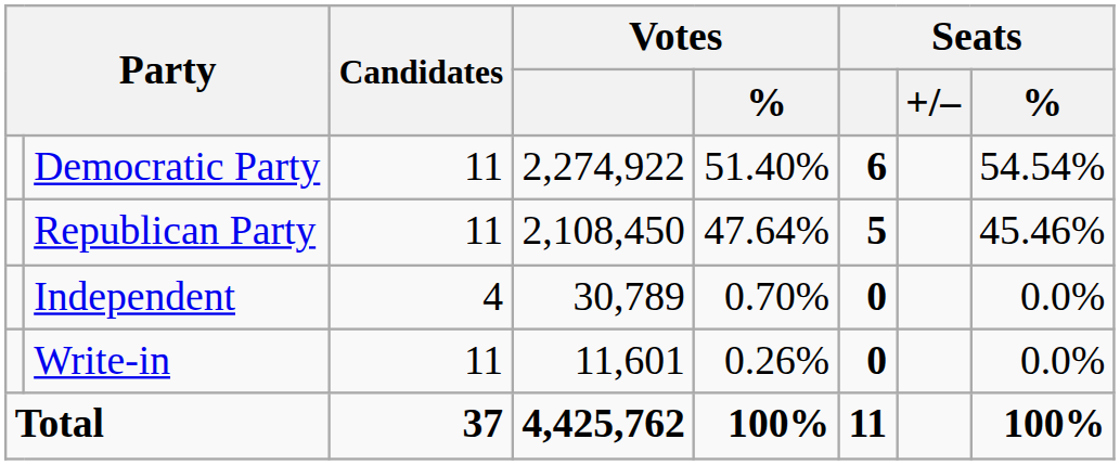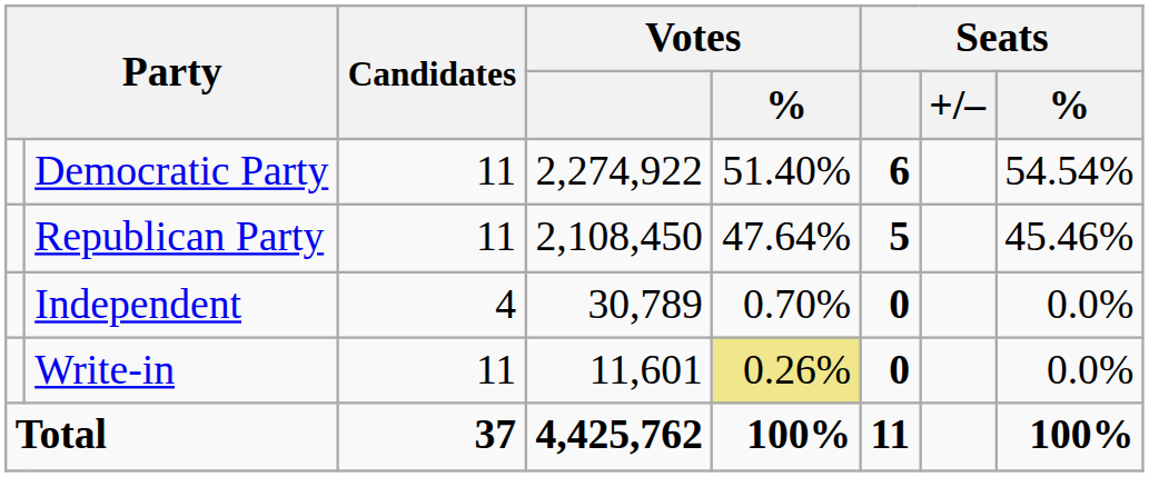 <table class="wikitable" style="font-size:100%; text-align:right;">
 <tr>
 <th colspan="2" rowspan="2">Party</th>
 <th rowspan="2"><small>Candi</small><small>dates</small></th>
 <th colspan="2">Votes</th>
 <th colspan="3">Seats</th>
 </tr>
 <tr>
 <th></th>
 <th>%</th>
 <th></th>
 <th>+/–</th>
 <th>%</th>
 </tr>
 <tr>
 <td style="background:"></td>
 <td align="left"><a href='#'>Democratic Party</a></td>
 <td>11</td>
 <td>2,274,922</td>
 <td>51.40%</td>
 <td><strong>6</strong></td>
 <td></td>
 <td>54.54%</td>
 </tr>
 <tr>
 <td style="background:"></td>
 <td align="left"><a href='#'>Republican Party</a></td>
 <td>11</td>
 <td>2,108,450</td>
 <td>47.64%</td>
 <td><strong>5</strong></td>
 <td></td>
 <td>45.46%</td>
 </tr>
 <tr>
 <td style="background:"></td>
 <td align="left"><a href='#'>Independent</a></td>
 <td>4</td>
 <td>30,789</td>
 <td>0.70%</td>
 <td><strong>0</strong></td>
 <td></td>
 <td>0.0%</td>
 </tr>
 <tr>
 <td style="background:"></td>
 <td align="left"><a href='#'>Write-in</a></td>
 <td>11</td>
 <td>11,601</td>
-<td>0.26%</td>
+<td style="background: khaki;">0.26%</td>
 <td><strong>0</strong></td>
 <td></td>
 <td>0.0%</td>
 </tr>
 <tr style="font-weight:bold">
 <td colspan="2" align="left">Total</td>
 <td>37</td>
 <td>4,425,762</td>
 <td>100%</td>
 <td>11</td>
 <td></td>
 <td>100%</td>
 </tr>
 </table>
